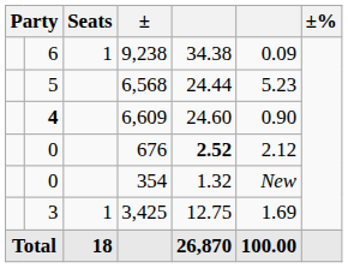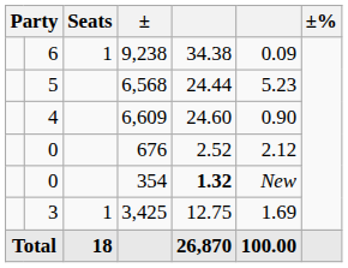 <table class=wikitable>
 <tr>
 <th colspan=2 align=center>Party</th>
 <th>Seats</th>
 <th>±</th>
 <th></th>
 <th></th>
 <th>±%</th>
 </tr>
 <tr>
 <td></td>
 <td align=right>6</td>
 <td align=right>1</td>
 <td align=right>9,238</td>
 <td align=right>34.38</td>
 <td align=right>0.09</td>
 </tr>
 <tr>
 <td></td>
 <td align=right>5</td>
 <td align=right></td>
 <td align=right>6,568</td>
 <td align=right>24.44</td>
 <td align=right>5.23</td>
 </tr>
 <tr>
 <td></td>
-<td align=right><strong>4</strong></td>
+<td align=right>4</td>
 <td align=right></td>
 <td align=right>6,609</td>
 <td align=right>24.60</td>
 <td align=right>0.90</td>
 </tr>
 <tr>
 <td></td>
 <td align=right>0</td>
 <td align=right></td>
 <td align=right>676</td>
-<td align=right><strong>2.52</strong></td>
+<td align=right>2.52</td>
 <td align=right>2.12</td>
 </tr>
 <tr>
 <td></td>
 <td align=right>0</td>
 <td align=right></td>
 <td align=right>354</td>
-<td align=right>1.32</td>
+<td align=right><strong>1.32</strong></td>
 <td align=right><em>New</em></td>
 </tr>
 <tr>
 <td></td>
 <td align=right>3</td>
 <td align=right> 1</td>
 <td align=right>3,425</td>
 <td align=right>12.75</td>
 <td align=right>1.69</td>
 </tr>
 <tr style="font-weight:bold; background:rgb(232,232,232);">
 <td colspan=2 align=center>Total</td>
 <td align=right>18</td>
 <td align=center></td>
 <td align=right>26,870</td>
 <td align=center>100.00</td>
 <td align=center></td>
 </tr>
 </table>
